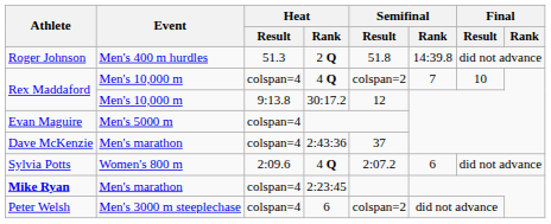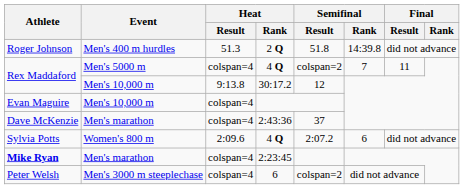 <table class=wikitable style=font-size:90%>
 <tr>
 <th rowspan=2>Athlete</th>
 <th rowspan=2>Event</th>
 <th colspan=2>Heat</th>
 <th colspan=2>Semifinal</th>
 <th colspan=2>Final</th>
 </tr>
 <tr style=font-size:95%>
 <th>Result</th>
 <th>Rank</th>
 <th>Result</th>
 <th>Rank</th>
 <th>Result</th>
 <th>Rank</th>
 </tr>
 <tr align=center>
 <td align=left><a href='#'>Roger Johnson</a></td>
 <td align=left><a href='#'>Men's 400 m hurdles</a></td>
 <td>51.3</td>
 <td>2 <strong>Q</strong></td>
 <td>51.8</td>
 <td>14:39.8</td>
 <td colspan=2>did not advance</td>
 </tr>
 <tr align=center>
 <td align=left rowspan=2><a href='#'>Rex Maddaford</a></td>
-<td align=left><a href='#'>Men's 10,000 m</a></td>
+<td align=left><a href='#'>Men's 5000 m</a></td>
 <td>colspan=4 </td>
 <td>4 <strong>Q</strong></td>
 <td>colspan=2 </td>
 <td>7</td>
-<td>10</td>
+<td>11</td>
 </tr>
 <tr align=center>
 <td align=left><a href='#'>Men's 10,000 m</a></td>
 <td>9:13.8</td>
 <td>30:17.2</td>
 <td>12</td>
 </tr>
 <tr align=center>
 <td align=left><a href='#'>Evan Maguire</a></td>
-<td align=left><a href='#'>Men's 5000 m</a></td>
+<td align=left><a href='#'>Men's 10,000 m</a></td>
 <td>colspan=4 </td>
 <td colspan=2></td>
 </tr>
 <tr align=center>
 <td align=left><a href='#'>Dave McKenzie</a></td>
 <td align=left><a href='#'>Men's marathon</a></td>
 <td>colspan=4 </td>
 <td>2:43:36</td>
 <td>37</td>
 </tr>
 <tr align=center>
 <td align=left><a href='#'>Sylvia Potts</a></td>
 <td align=left><a href='#'>Women's 800 m</a></td>
 <td>2:09.6</td>
 <td>4 <strong>Q</strong></td>
 <td>2:07.2</td>
 <td>6</td>
 <td colspan=2>did not advance</td>
 </tr>
 <tr align=center>
 <td align=left><strong><a href='#'>Mike Ryan</a></strong></td>
 <td align=left><a href='#'>Men's marathon</a></td>
 <td>colspan=4 </td>
 <td>2:23:45</td>
 <td></td>
 </tr>
 <tr align=center>
 <td align=left><a href='#'>Peter Welsh</a></td>
 <td align=left><a href='#'>Men's 3000 m steeplechase</a></td>
 <td>colspan=4 </td>
 <td>6</td>
 <td>colspan=2 </td>
 <td colspan=2>did not advance</td>
 </tr>
 </table>
